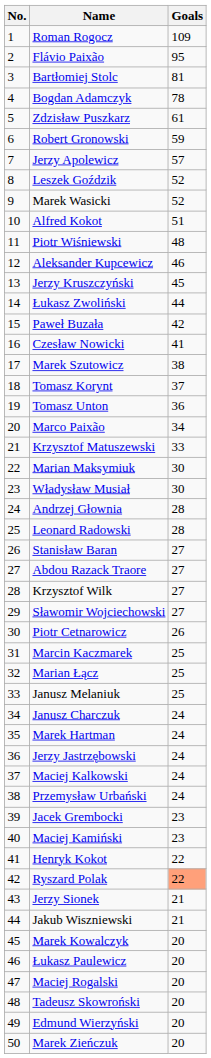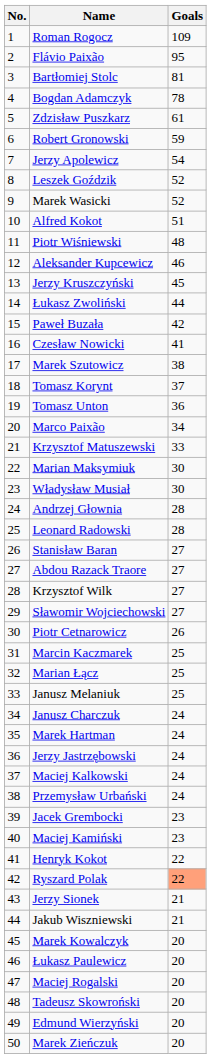 <table class="wikitable" style="display: inline-table;">
 <tr>
 <th>No.</th>
 <th>Name</th>
 <th>Goals</th>
 </tr>
 <tr>
 <td>1</td>
 <td><a href='#'>Roman Rogocz</a></td>
 <td>109</td>
 </tr>
 <tr>
 <td>2</td>
 <td><a href='#'>Flávio Paixão</a></td>
 <td>95</td>
 </tr>
 <tr>
 <td>3</td>
 <td><a href='#'>Bartłomiej Stolc</a></td>
 <td>81</td>
 </tr>
 <tr>
 <td>4</td>
 <td><a href='#'>Bogdan Adamczyk</a></td>
 <td>78</td>
 </tr>
 <tr>
 <td>5</td>
 <td><a href='#'>Zdzisław Puszkarz</a></td>
 <td>61</td>
 </tr>
 <tr>
 <td>6</td>
 <td><a href='#'>Robert Gronowski</a></td>
 <td>59</td>
 </tr>
 <tr>
 <td>7</td>
 <td><a href='#'>Jerzy Apolewicz</a></td>
-<td>57</td>
+<td>54</td>
 </tr>
 <tr>
 <td>8</td>
 <td><a href='#'>Leszek Goździk</a></td>
 <td>52</td>
 </tr>
 <tr>
 <td>9</td>
 <td>Marek Wasicki</td>
 <td>52</td>
 </tr>
 <tr>
 <td>10</td>
 <td><a href='#'>Alfred Kokot</a></td>
 <td>51</td>
 </tr>
 <tr>
 <td>11</td>
 <td><a href='#'>Piotr Wiśniewski</a></td>
 <td>48</td>
 </tr>
 <tr>
 <td>12</td>
 <td><a href='#'>Aleksander Kupcewicz</a></td>
 <td>46</td>
 </tr>
 <tr>
 <td>13</td>
 <td><a href='#'>Jerzy Kruszczyński</a></td>
 <td>45</td>
 </tr>
 <tr>
 <td>14</td>
 <td><a href='#'>Łukasz Zwoliński</a></td>
 <td>44</td>
 </tr>
 <tr>
 <td>15</td>
 <td><a href='#'>Paweł Buzała</a></td>
 <td>42</td>
 </tr>
 <tr>
 <td>16</td>
 <td><a href='#'>Czesław Nowicki</a></td>
 <td>41</td>
 </tr>
 <tr>
 <td>17</td>
 <td><a href='#'>Marek Szutowicz</a></td>
 <td>38</td>
 </tr>
 <tr>
 <td>18</td>
 <td><a href='#'>Tomasz Korynt</a></td>
 <td>37</td>
 </tr>
 <tr>
 <td>19</td>
 <td><a href='#'>Tomasz Unton</a></td>
 <td>36</td>
 </tr>
 <tr>
 <td>20</td>
 <td><a href='#'>Marco Paixão</a></td>
 <td>34</td>
 </tr>
 <tr>
 <td>21</td>
 <td><a href='#'>Krzysztof Matuszewski</a></td>
 <td>33</td>
 </tr>
 <tr>
 <td>22</td>
 <td><a href='#'>Marian Maksymiuk</a></td>
 <td>30</td>
 </tr>
 <tr>
 <td>23</td>
 <td><a href='#'>Władysław Musiał</a></td>
 <td>30</td>
 </tr>
 <tr>
 <td>24</td>
 <td><a href='#'>Andrzej Głownia</a></td>
 <td>28</td>
 </tr>
 <tr>
 <td>25</td>
 <td><a href='#'>Leonard Radowski</a></td>
 <td>28</td>
 </tr>
 <tr>
 <td>26</td>
 <td><a href='#'>Stanisław Baran</a></td>
 <td>27</td>
 </tr>
 <tr>
 <td>27</td>
 <td><a href='#'>Abdou Razack Traore</a></td>
 <td>27</td>
 </tr>
 <tr>
 <td>28</td>
 <td>Krzysztof Wilk</td>
 <td>27</td>
 </tr>
 <tr>
 <td>29</td>
 <td><a href='#'>Sławomir Wojciechowski</a></td>
 <td>27</td>
 </tr>
 <tr>
 <td>30</td>
 <td><a href='#'>Piotr Cetnarowicz</a></td>
 <td>26</td>
 </tr>
 <tr>
 <td>31</td>
 <td><a href='#'>Marcin Kaczmarek</a></td>
 <td>25</td>
 </tr>
 <tr>
 <td>32</td>
 <td><a href='#'>Marian Łącz</a></td>
 <td>25</td>
 </tr>
 <tr>
 <td>33</td>
 <td>Janusz Melaniuk</td>
 <td>25</td>
 </tr>
 <tr>
 <td>34</td>
 <td><a href='#'>Janusz Charczuk</a></td>
 <td>24</td>
 </tr>
 <tr>
 <td>35</td>
 <td><a href='#'>Marek Hartman</a></td>
 <td>24</td>
 </tr>
 <tr>
 <td>36</td>
 <td><a href='#'>Jerzy Jastrzębowski</a></td>
 <td>24</td>
 </tr>
 <tr>
 <td>37</td>
 <td><a href='#'>Maciej Kalkowski</a></td>
 <td>24</td>
 </tr>
 <tr>
 <td>38</td>
 <td><a href='#'>Przemysław Urbański</a></td>
 <td>24</td>
 </tr>
 <tr>
 <td>39</td>
 <td><a href='#'>Jacek Grembocki</a></td>
 <td>23</td>
 </tr>
 <tr>
 <td>40</td>
 <td><a href='#'>Maciej Kamiński</a></td>
 <td>23</td>
 </tr>
 <tr>
 <td>41</td>
 <td><a href='#'>Henryk Kokot</a></td>
 <td>22</td>
 </tr>
 <tr>
 <td>42</td>
 <td><a href='#'>Ryszard Polak</a></td>
 <td style="background: lightsalmon;">22</td>
 </tr>
 <tr>
 <td>43</td>
 <td><a href='#'>Jerzy Sionek</a></td>
 <td>21</td>
 </tr>
 <tr>
 <td>44</td>
 <td>Jakub Wiszniewski</td>
 <td>21</td>
 </tr>
 <tr>
 <td>45</td>
 <td><a href='#'>Marek Kowalczyk</a></td>
 <td>20</td>
 </tr>
 <tr>
 <td>46</td>
 <td><a href='#'>Łukasz Paulewicz</a></td>
 <td>20</td>
 </tr>
 <tr>
 <td>47</td>
 <td><a href='#'>Maciej Rogalski</a></td>
 <td>20</td>
 </tr>
 <tr>
 <td>48</td>
 <td><a href='#'>Tadeusz Skowroński</a></td>
 <td>20</td>
 </tr>
 <tr>
 <td>49</td>
 <td><a href='#'>Edmund Wierzyński</a></td>
 <td>20</td>
 </tr>
 <tr>
 <td>50</td>
 <td><a href='#'>Marek Zieńczuk</a></td>
 <td>20</td>
 </tr>
 </table>
